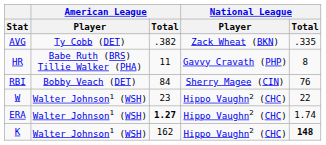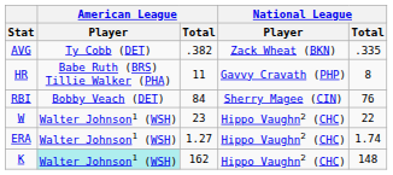 <table class="wikitable" style="text-align:center;">
 <tr>
 <th></th>
 <th colspan=2><a href='#'>American League</a></th>
 <th colspan=2><a href='#'>National League</a></th>
 </tr>
 <tr>
 <th>Stat</th>
 <th>Player</th>
 <th>Total</th>
 <th>Player</th>
 <th>Total</th>
 </tr>
 <tr>
 <td><a href='#'>AVG</a></td>
 <td><a href='#'>Ty Cobb</a> (<a href='#'>DET</a>)</td>
 <td>.382</td>
 <td><a href='#'>Zack Wheat</a> (<a href='#'>BKN</a>)</td>
 <td>.335</td>
 </tr>
 <tr>
 <td><a href='#'>HR</a></td>
 <td><a href='#'>Babe Ruth</a> (<a href='#'>BRS</a>)<br><a href='#'>Tillie Walker</a> (<a href='#'>PHA</a>)</td>
 <td>11</td>
 <td><a href='#'>Gavvy Cravath</a> (<a href='#'>PHP</a>)</td>
 <td>8</td>
 </tr>
 <tr>
 <td><a href='#'>RBI</a></td>
 <td><a href='#'>Bobby Veach</a> (<a href='#'>DET</a>)</td>
 <td>84</td>
 <td><a href='#'>Sherry Magee</a> (<a href='#'>CIN</a>)</td>
 <td>76</td>
 </tr>
 <tr>
 <td><a href='#'>W</a></td>
 <td><a href='#'>Walter Johnson</a><sup>1</sup> (<a href='#'>WSH</a>)</td>
 <td>23</td>
 <td><a href='#'>Hippo Vaughn</a><sup>2</sup> (<a href='#'>CHC</a>)</td>
 <td>22</td>
 </tr>
 <tr>
 <td><a href='#'>ERA</a></td>
 <td><a href='#'>Walter Johnson</a><sup>1</sup> (<a href='#'>WSH</a>)</td>
-<td><strong>1.27</strong></td>
+<td>1.27</td>
 <td><a href='#'>Hippo Vaughn</a><sup>2</sup> (<a href='#'>CHC</a>)</td>
 <td>1.74</td>
 </tr>
 <tr>
 <td><a href='#'>K</a></td>
-<td><a href='#'>Walter Johnson</a><sup>1</sup> (<a href='#'>WSH</a>)</td>
+<td style="background: paleturquoise;"><a href='#'>Walter Johnson</a><sup>1</sup> (<a href='#'>WSH</a>)</td>
 <td>162</td>
 <td><a href='#'>Hippo Vaughn</a><sup>2</sup> (<a href='#'>CHC</a>)</td>
-<td><strong>148</strong></td>
+<td>148</td>
 </tr>
 </table>
